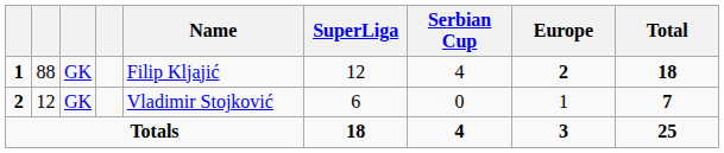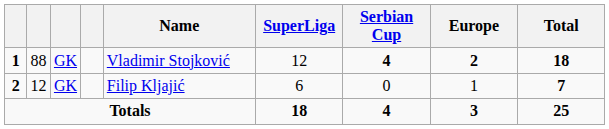 <table class="wikitable" style="text-align:center">
 <tr>
 <th width=15></th>
 <th width=15></th>
 <th width=15></th>
 <th width=15></th>
 <th width=145>Name</th>
 <th width=80><a href='#'>SuperLiga</a></th>
 <th width=80><a href='#'>Serbian Cup</a></th>
 <th width=80>Europe</th>
 <th width=80>Total</th>
 </tr>
 <tr>
 <td><strong>1</strong></td>
 <td>88</td>
 <td><a href='#'>GK</a></td>
 <td></td>
-<td align=left><a href='#'>Filip Kljajić</a></td>
+<td align=left><a href='#'>Vladimir Stojković</a></td>
 <td>12</td>
-<td>4</td>
+<td><strong>4</strong></td>
 <td><strong>2</strong></td>
 <td><strong>18</strong></td>
 </tr>
 <tr>
 <td><strong>2</strong></td>
 <td>12</td>
 <td><a href='#'>GK</a></td>
 <td></td>
-<td align=left><a href='#'>Vladimir Stojković</a></td>
+<td align=left><a href='#'>Filip Kljajić</a></td>
 <td>6</td>
 <td>0</td>
 <td>1</td>
 <td><strong>7</strong></td>
 </tr>
 <tr>
 <td colspan=5><strong>Totals</strong></td>
 <td><strong>18</strong></td>
 <td><strong>4</strong></td>
 <td><strong>3</strong></td>
 <td><strong>25</strong></td>
 </tr>
 </table>
